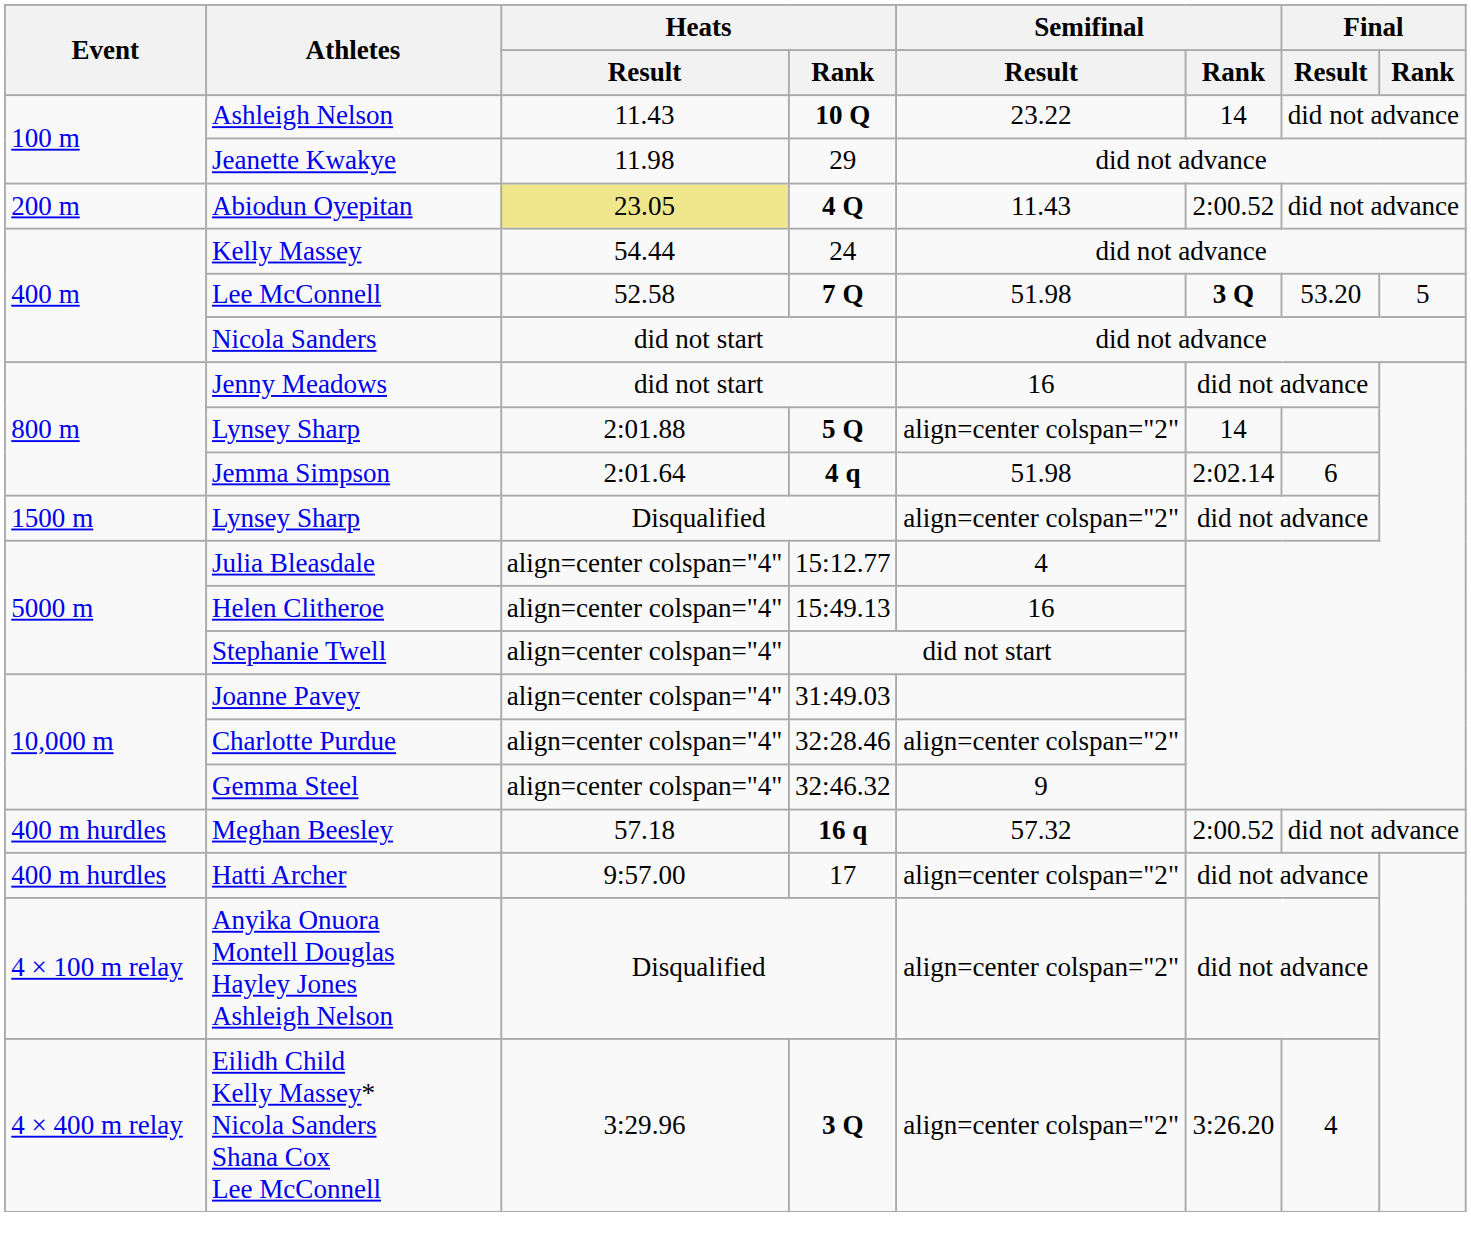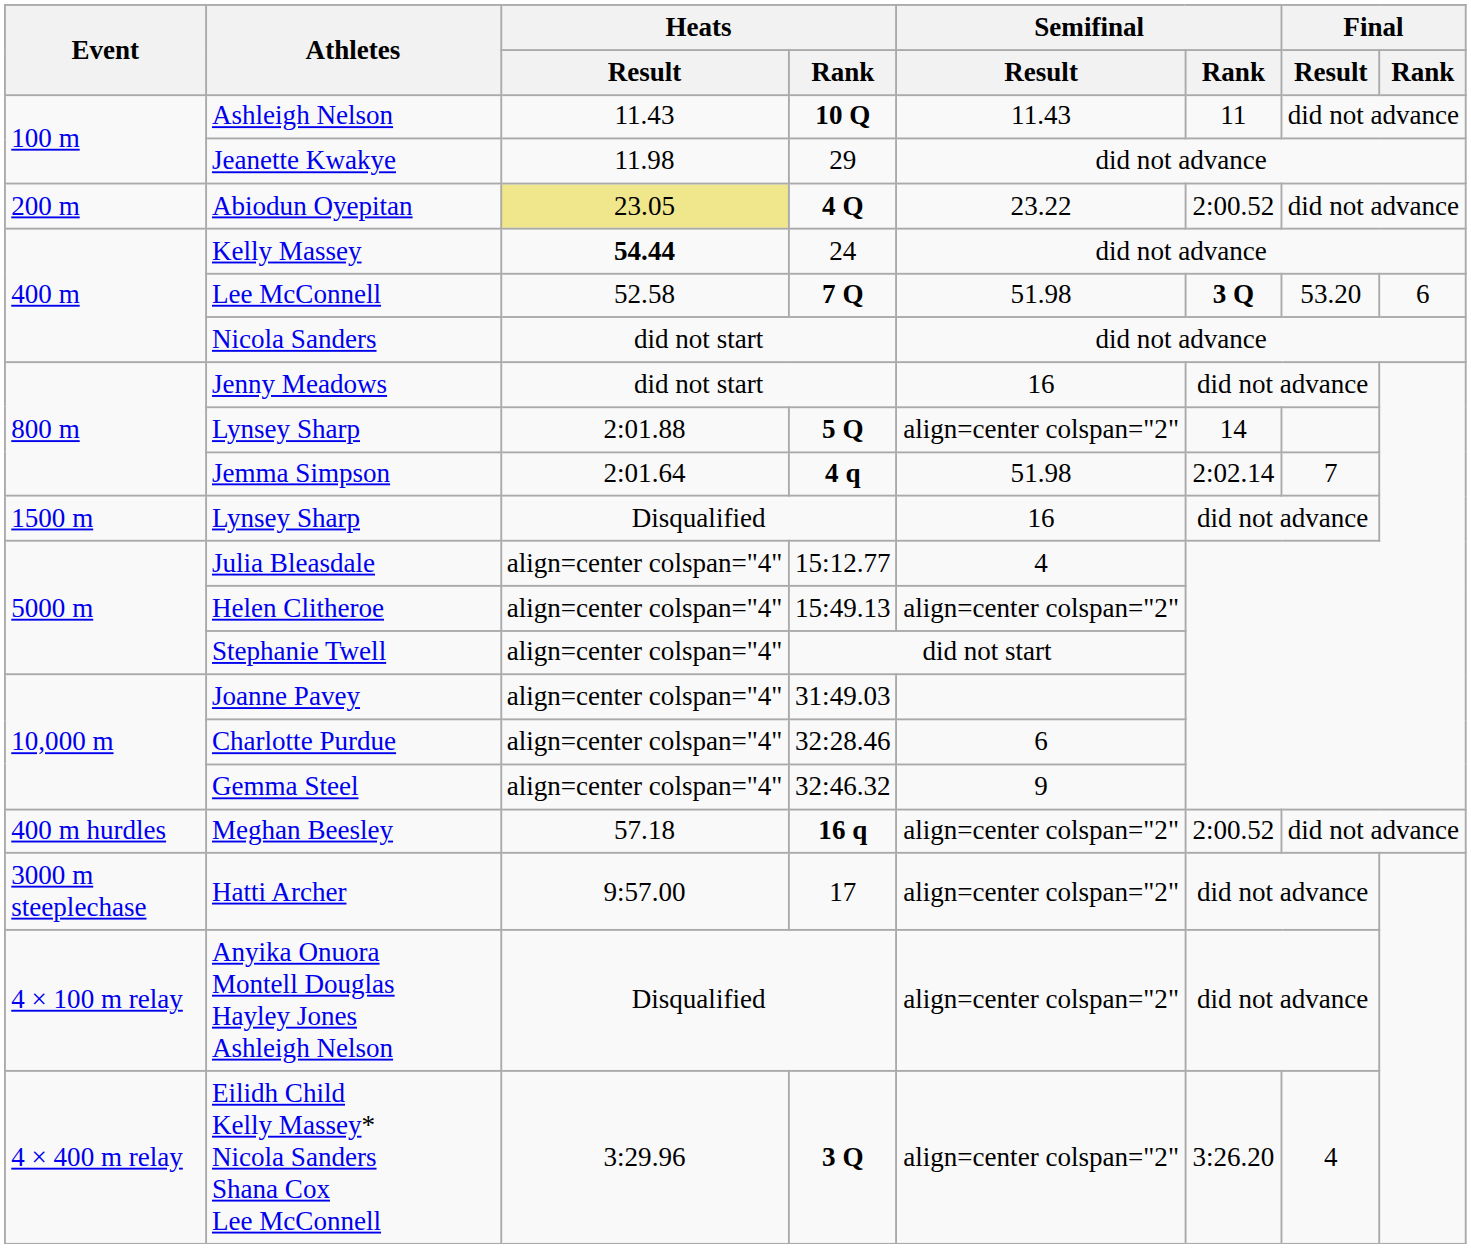 <table class="wikitable" border="1" style="font-size:90%">
 <tr>
 <th rowspan="2" width=100>Event</th>
 <th rowspan="2" width=150>Athletes</th>
 <th colspan="2">Heats</th>
 <th colspan="2">Semifinal</th>
 <th colspan="2">Final</th>
 </tr>
 <tr>
 <th>Result</th>
 <th>Rank</th>
 <th>Result</th>
 <th>Rank</th>
 <th>Result</th>
 <th>Rank</th>
 </tr>
 <tr>
 <td rowspan=2><a href='#'>100 m</a></td>
 <td><a href='#'>Ashleigh Nelson</a></td>
 <td align=center>11.43</td>
 <td align=center><strong>10 Q</strong></td>
-<td align=center>23.22</td>
-<td align=center>14</td>
+<td align=center>11.43</td>
+<td align=center>11</td>
 <td align=center colspan="2">did not advance</td>
 </tr>
 <tr>
 <td><a href='#'>Jeanette Kwakye</a></td>
 <td align=center>11.98</td>
 <td align=center>29</td>
 <td align=center colspan="4">did not advance</td>
 </tr>
 <tr>
 <td><a href='#'>200 m</a></td>
 <td><a href='#'>Abiodun Oyepitan</a></td>
 <td align=center style="background: khaki;">23.05</td>
 <td align=center><strong>4 Q</strong></td>
-<td align=center>11.43</td>
+<td align=center>23.22</td>
 <td align=center>2:00.52</td>
 <td align=center colspan="2">did not advance</td>
 </tr>
 <tr>
 <td rowspan=3><a href='#'>400 m</a></td>
 <td><a href='#'>Kelly Massey</a></td>
-<td align=center>54.44</td>
+<td align=center><strong>54.44</strong></td>
 <td align=center>24</td>
 <td align=center colspan="4">did not advance</td>
 </tr>
 <tr>
 <td><a href='#'>Lee McConnell</a></td>
 <td align=center>52.58</td>
 <td align=center><strong>7 Q</strong></td>
 <td align=center>51.98</td>
 <td align=center><strong>3 Q</strong></td>
 <td align=center>53.20</td>
-<td align=center>5</td>
+<td align=center>6</td>
 </tr>
 <tr>
 <td><a href='#'>Nicola Sanders</a></td>
 <td align=center colspan="2">did not start</td>
 <td align=center colspan="4">did not advance</td>
 </tr>
 <tr>
 <td rowspan=3><a href='#'>800 m</a></td>
 <td><a href='#'>Jenny Meadows</a></td>
 <td align=center colspan="2">did not start</td>
 <td align=center>16</td>
 <td align=center colspan="2">did not advance</td>
 </tr>
 <tr>
 <td><a href='#'>Lynsey Sharp</a></td>
 <td align=center>2:01.88</td>
 <td align=center><strong>5 Q</strong></td>
 <td>align=center colspan="2" </td>
 <td align=center>14</td>
 <td align=center></td>
 </tr>
 <tr>
 <td><a href='#'>Jemma Simpson</a></td>
 <td align=center>2:01.64</td>
 <td align=center><strong>4 q</strong></td>
 <td align=center>51.98</td>
 <td align=center>2:02.14</td>
-<td align=center>6</td>
+<td align=center>7</td>
 </tr>
 <tr>
 <td><a href='#'>1500 m</a></td>
 <td><a href='#'>Lynsey Sharp</a></td>
 <td align=center colspan="2">Disqualified</td>
-<td>align=center colspan="2" </td>
+<td align=center>16</td>
 <td align=center colspan="2">did not advance</td>
 </tr>
 <tr>
 <td rowspan=3><a href='#'>5000 m</a></td>
 <td><a href='#'>Julia Bleasdale</a></td>
 <td>align=center colspan="4" </td>
 <td align=center>15:12.77</td>
 <td align=center>4</td>
 </tr>
 <tr>
 <td><a href='#'>Helen Clitheroe</a></td>
 <td>align=center colspan="4" </td>
 <td align=center>15:49.13</td>
-<td align=center>16</td>
+<td>align=center colspan="2" </td>
 </tr>
 <tr>
 <td><a href='#'>Stephanie Twell</a></td>
 <td>align=center colspan="4" </td>
 <td align=center colspan="2">did not start</td>
 </tr>
 <tr>
 <td rowspan=3><a href='#'>10,000 m</a></td>
 <td><a href='#'>Joanne Pavey</a></td>
 <td>align=center colspan="4" </td>
 <td align=center>31:49.03</td>
 <td align=center></td>
 </tr>
 <tr>
 <td><a href='#'>Charlotte Purdue</a></td>
 <td>align=center colspan="4" </td>
 <td align=center>32:28.46</td>
-<td>align=center colspan="2" </td>
+<td align=center>6</td>
 </tr>
 <tr>
 <td><a href='#'>Gemma Steel</a></td>
 <td>align=center colspan="4" </td>
 <td align=center>32:46.32</td>
 <td align=center>9</td>
 </tr>
 <tr>
 <td><a href='#'>400 m hurdles</a></td>
 <td><a href='#'>Meghan Beesley</a></td>
 <td align=center>57.18</td>
 <td align=center><strong>16 q</strong></td>
-<td align=center>57.32</td>
+<td>align=center colspan="2" </td>
 <td align=center>2:00.52</td>
 <td align=center colspan="2">did not advance</td>
 </tr>
 <tr>
-<td><a href='#'>400 m hurdles</a></td>
+<td><a href='#'>3000 m steeplechase</a></td>
 <td><a href='#'>Hatti Archer</a></td>
 <td align=center>9:57.00</td>
 <td align=center>17</td>
 <td>align=center colspan="2" </td>
 <td align=center colspan="2">did not advance</td>
 </tr>
 <tr>
 <td><a href='#'>4 × 100 m relay</a></td>
 <td><a href='#'>Anyika Onuora</a><br><a href='#'>Montell Douglas</a><br><a href='#'>Hayley Jones</a><br><a href='#'>Ashleigh Nelson</a></td>
 <td align=center colspan="2">Disqualified</td>
 <td>align=center colspan="2" </td>
 <td align=center colspan="2">did not advance</td>
 </tr>
 <tr>
 <td><a href='#'>4 × 400 m relay</a></td>
 <td><a href='#'>Eilidh Child</a><br><a href='#'>Kelly Massey</a>*<br><a href='#'>Nicola Sanders</a><br><a href='#'>Shana Cox</a><br><a href='#'>Lee McConnell</a></td>
 <td align=center>3:29.96</td>
 <td align=center><strong>3 Q</strong></td>
 <td>align=center colspan="2" </td>
 <td align=center>3:26.20</td>
 <td align=center>4</td>
 </tr>
 </table>
